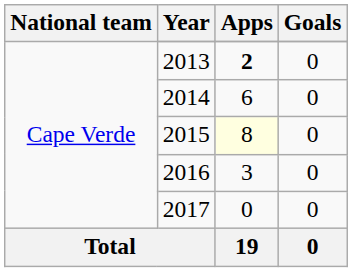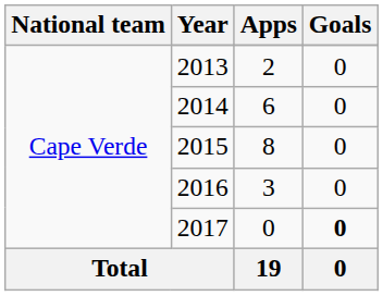 <table class="wikitable" style="text-align:center">
 <tr>
 <th>National team</th>
 <th>Year</th>
 <th>Apps</th>
 <th>Goals</th>
 </tr>
 <tr>
 <td rowspan="6"><a href='#'>Cape Verde</a></td>
 </tr>
 <tr>
 <td>2013</td>
-<td><strong>2</strong></td>
+<td>2</td>
 <td>0</td>
 </tr>
 <tr>
 <td>2014</td>
 <td>6</td>
 <td>0</td>
 </tr>
 <tr>
 <td>2015</td>
-<td style="background: lightyellow;">8</td>
+<td>8</td>
 <td>0</td>
 </tr>
 <tr>
 <td>2016</td>
 <td>3</td>
 <td>0</td>
 </tr>
 <tr>
 <td>2017</td>
 <td>0</td>
-<td>0</td>
+<td><strong>0</strong></td>
 </tr>
 <tr>
 <th colspan=2>Total</th>
 <th>19</th>
 <th>0</th>
 </tr>
 </table>
